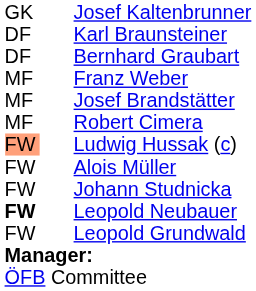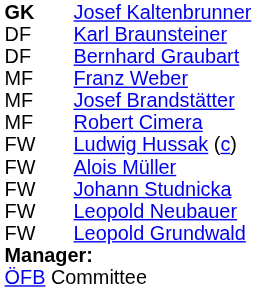 <table style="font-size:90%; margin:0.2em auto;" cellspacing="0" cellpadding="0">
 <tr>
 <th width="25"></th>
 <th width="25"></th>
 </tr>
 <tr>
-<td>GK</td>
+<td><strong>GK</strong></td>
 <td></td>
 <td><a href='#'>Josef Kaltenbrunner</a></td>
 </tr>
 <tr>
 <td>DF</td>
 <td></td>
 <td><a href='#'>Karl Braunsteiner</a></td>
 </tr>
 <tr>
 <td>DF</td>
 <td></td>
 <td><a href='#'>Bernhard Graubart</a></td>
 </tr>
 <tr>
 <td>MF</td>
 <td></td>
 <td><a href='#'>Franz Weber</a></td>
 </tr>
 <tr>
 <td>MF</td>
 <td></td>
 <td><a href='#'>Josef Brandstätter</a></td>
 </tr>
 <tr>
 <td>MF</td>
 <td></td>
 <td><a href='#'>Robert Cimera</a></td>
 </tr>
 <tr>
-<td style="background: lightsalmon;">FW</td>
+<td>FW</td>
 <td></td>
 <td><a href='#'>Ludwig Hussak</a> (<a href='#'>c</a>)</td>
 </tr>
 <tr>
 <td>FW</td>
 <td></td>
 <td><a href='#'>Alois Müller</a></td>
 </tr>
 <tr>
 <td>FW</td>
 <td></td>
 <td><a href='#'>Johann Studnicka</a></td>
 </tr>
 <tr>
-<td><strong>FW</strong></td>
+<td>FW</td>
 <td></td>
 <td><a href='#'>Leopold Neubauer</a></td>
 </tr>
 <tr>
 <td>FW</td>
 <td></td>
 <td><a href='#'>Leopold Grundwald</a></td>
 </tr>
 <tr>
 <td colspan=3><strong>Manager:</strong></td>
 </tr>
 <tr>
 <td colspan=4> <a href='#'>ÖFB</a> Committee</td>
 </tr>
 </table>
